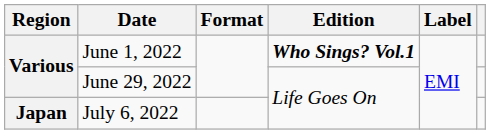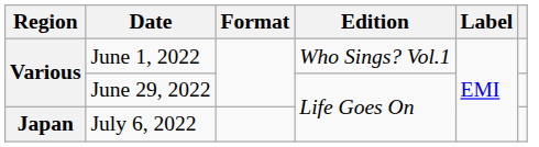 <table class="wikitable plainrowheaders">
 <tr>
 <th scope="col">Region</th>
 <th scope="col">Date</th>
 <th scope="col">Format</th>
 <th scope="col">Edition</th>
 <th scope="col">Label</th>
 <th scope="col"></th>
 </tr>
 <tr>
 <th scope="row" rowspan="2">Various</th>
 <td>June 1, 2022</td>
 <td rowspan="2"></td>
-<td><strong><em>Who Sings? Vol.1</em></strong></td>
+<td><em>Who Sings? Vol.1</em></td>
 <td rowspan="3"><a href='#'>EMI</a></td>
 <td style="text-align:center"></td>
 </tr>
 <tr>
 <td>June 29, 2022</td>
 <td rowspan="2"><em>Life Goes On</em></td>
 <td style="text-align:center"></td>
 </tr>
 <tr>
 <th scope="row">Japan</th>
 <td>July 6, 2022</td>
 <td></td>
 <td style="text-align:center"></td>
 </tr>
 </table>
